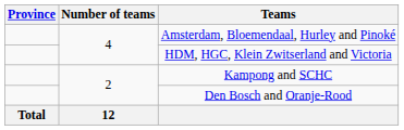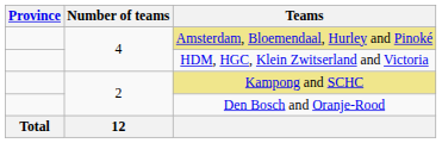 <table class="wikitable" style="text-align:center">
 <tr>
 <th><a href='#'>Province</a></th>
 <th>Number of teams</th>
 <th>Teams</th>
 </tr>
 <tr>
 <td align="left"></td>
 <td rowspan=2>4</td>
-<td><a href='#'>Amsterdam</a>, <a href='#'>Bloemendaal</a>, <a href='#'>Hurley</a> and <a href='#'>Pinoké</a></td>
+<td style="background: khaki;"><a href='#'>Amsterdam</a>, <a href='#'>Bloemendaal</a>, <a href='#'>Hurley</a> and <a href='#'>Pinoké</a></td>
 </tr>
 <tr>
 <td align="left"></td>
 <td><a href='#'>HDM</a>, <a href='#'>HGC</a>, <a href='#'>Klein Zwitserland</a> and <a href='#'>Victoria</a></td>
 </tr>
 <tr>
 <td align="left"></td>
 <td rowspan=2>2</td>
-<td><a href='#'>Kampong</a> and <a href='#'>SCHC</a></td>
+<td style="background: khaki;"><a href='#'>Kampong</a> and <a href='#'>SCHC</a></td>
 </tr>
 <tr>
 <td align="left"></td>
 <td><a href='#'>Den Bosch</a> and <a href='#'>Oranje-Rood</a></td>
 </tr>
 <tr>
 <th>Total</th>
 <th>12</th>
 <th></th>
 </tr>
 </table>
